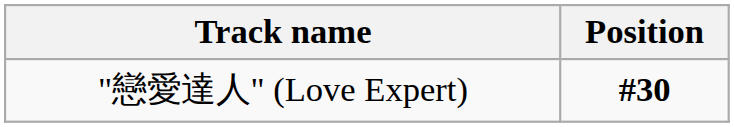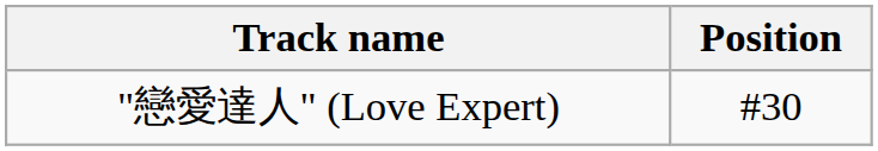 <table class="wikitable" style="text-align:center">
 <tr>
 <th width="250px">Track name</th>
 <th width="70px">Position</th>
 </tr>
 <tr>
 <td>"戀愛達人" (Love Expert)</td>
-<td><strong>#30</strong></td>
+<td>#30</td>
 </tr>
 </table>
